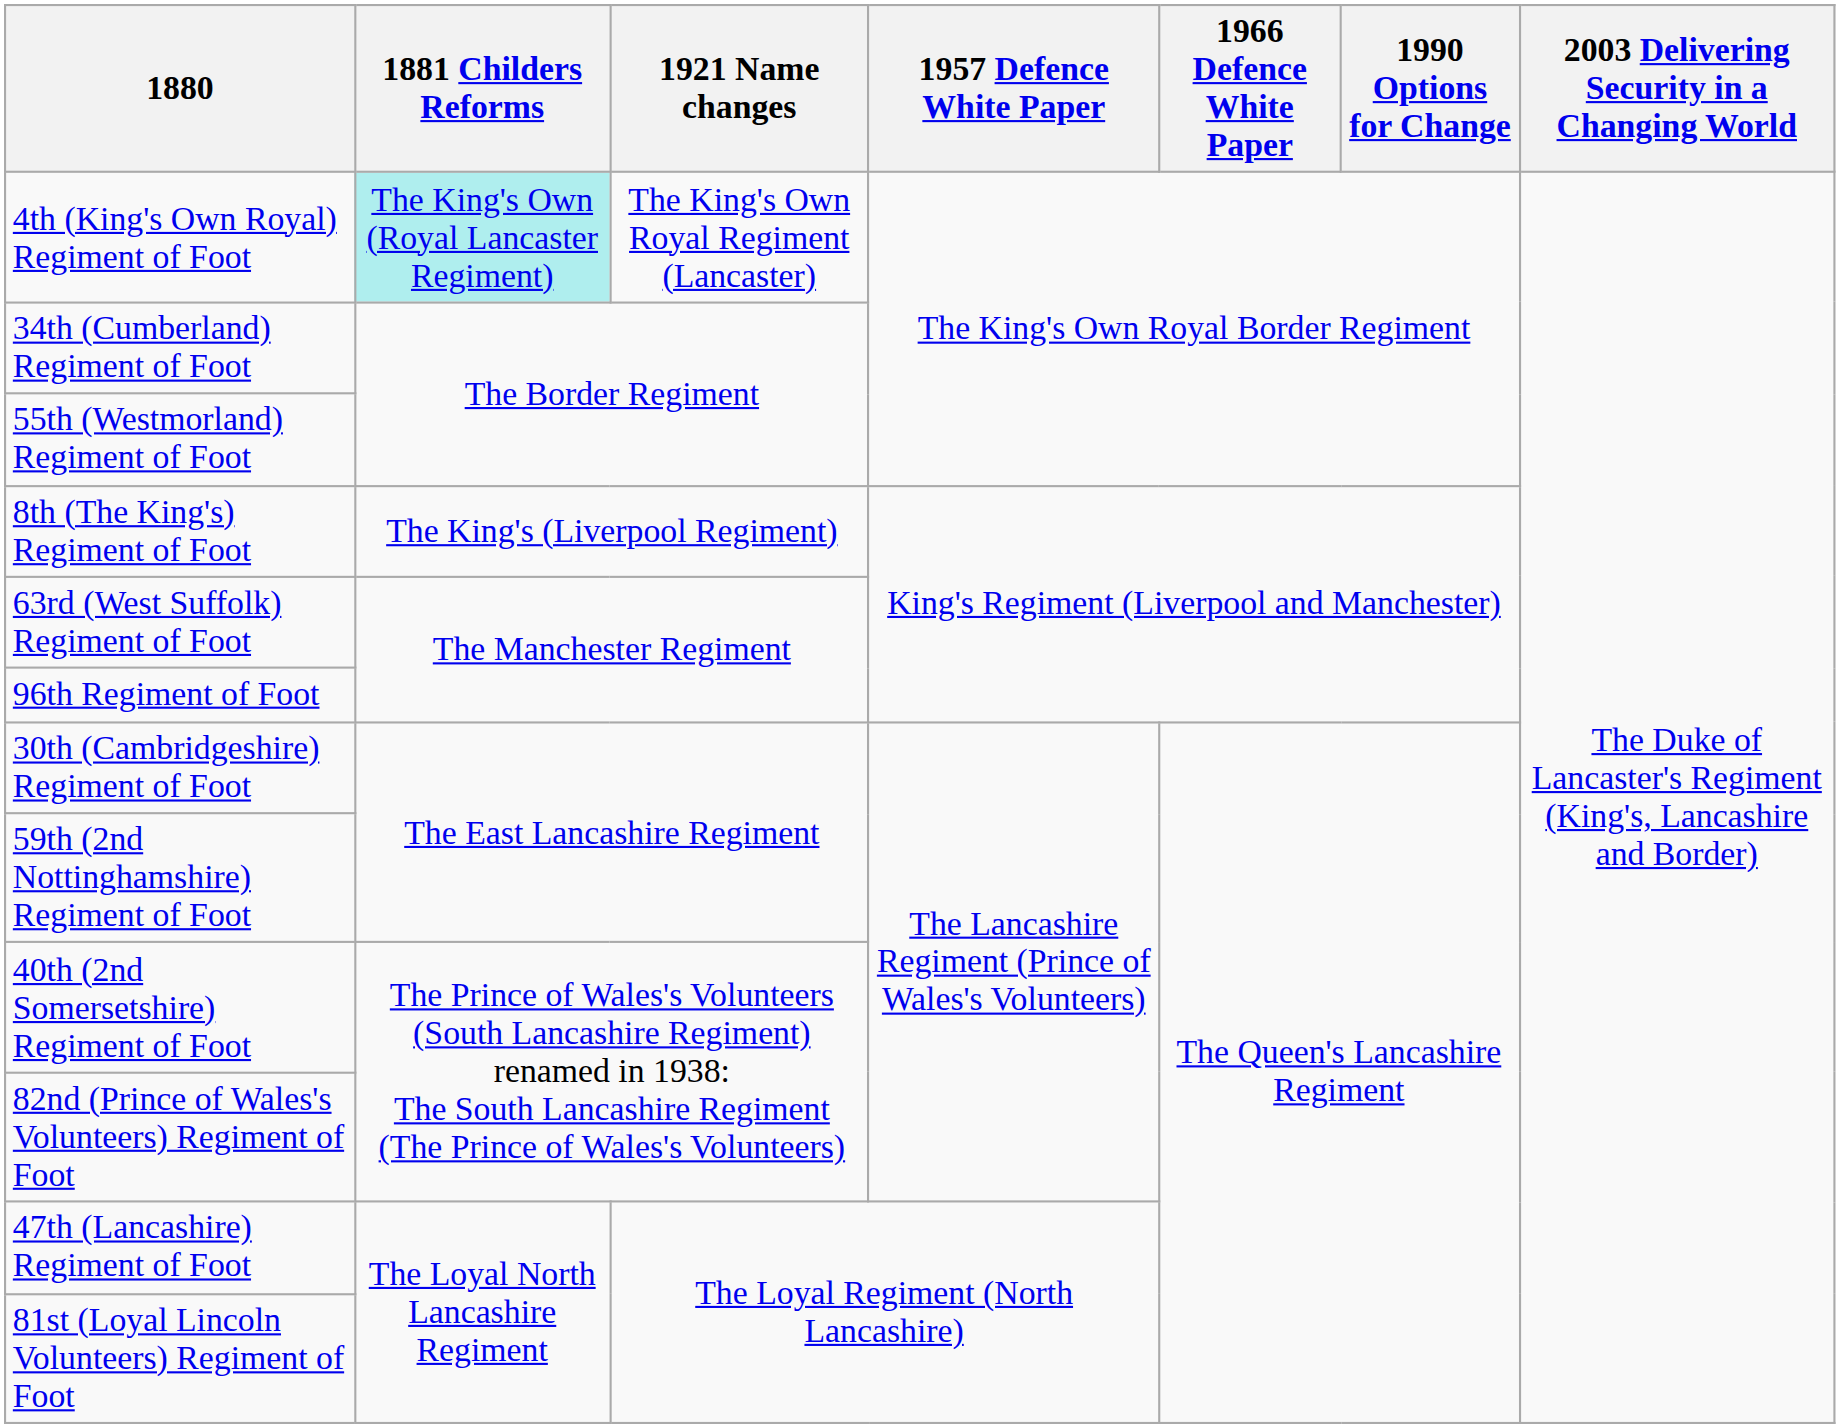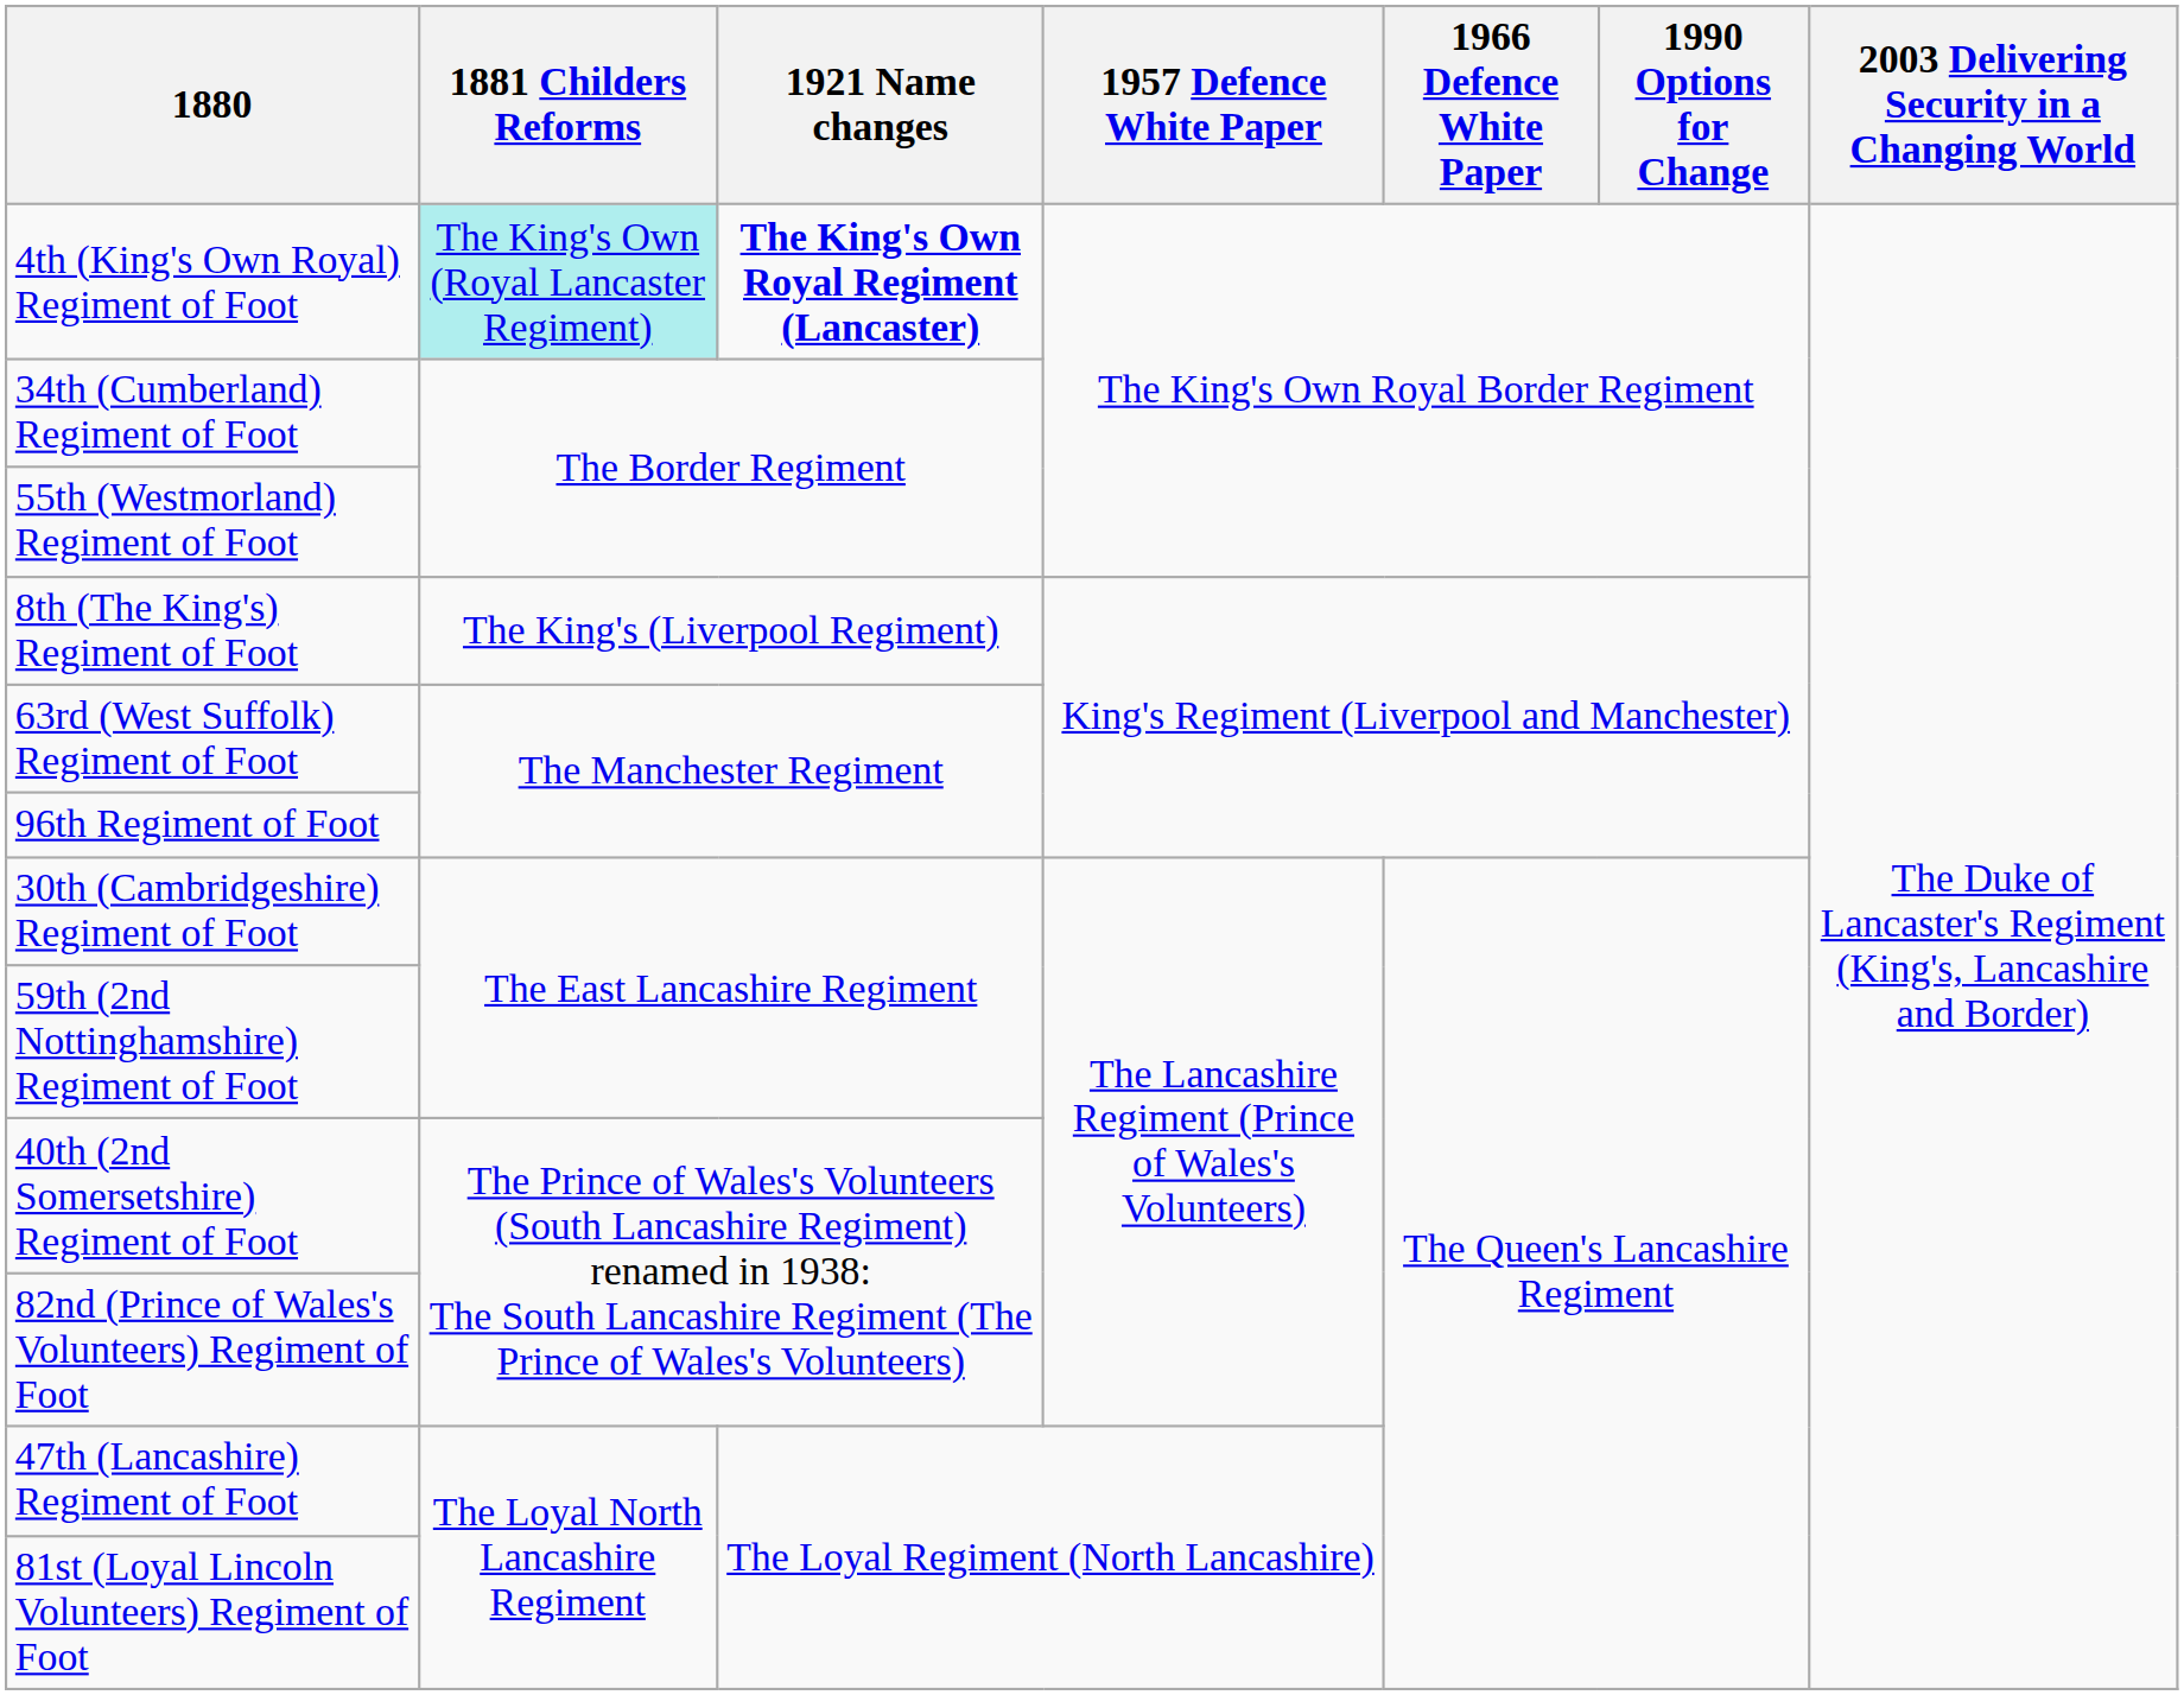 <table class="wikitable">
 <tr>
 <th>1880</th>
 <th>1881 <a href='#'>Childers Reforms</a></th>
 <th>1921 Name changes</th>
 <th>1957 <a href='#'>Defence White Paper</a></th>
 <th>1966 <a href='#'>Defence White Paper</a></th>
 <th>1990 <a href='#'>Options for Change</a></th>
 <th>2003 <a href='#'>Delivering Security in a Changing World</a></th>
 </tr>
 <tr>
 <td><a href='#'>4th (King's Own Royal) Regiment of Foot</a></td>
 <td style="background: paleturquoise; text-align:center;"><a href='#'>The King's Own (Royal Lancaster Regiment)</a></td>
-<td style="text-align:center;"><a href='#'>The King's Own Royal Regiment (Lancaster)</a></td>
+<td style="text-align:center;"><strong><a href='#'>The King's Own Royal Regiment (Lancaster)</a></strong></td>
 <td rowspan="3" colspan="3" style="text-align: center;"><a href='#'>The King's Own Royal Border Regiment</a></td>
 <td rowspan="12" colspan="2" style="text-align: center;"><a href='#'>The Duke of Lancaster's Regiment (King's, Lancashire and Border)</a></td>
 </tr>
 <tr>
 <td><a href='#'>34th (Cumberland) Regiment of Foot</a></td>
 <td rowspan="2" colspan="2" style="text-align: center;"><a href='#'>The Border Regiment</a></td>
 </tr>
 <tr>
 <td><a href='#'>55th (Westmorland) Regiment of Foot</a></td>
 </tr>
 <tr>
 <td><a href='#'>8th (The King's) Regiment of Foot</a></td>
 <td colspan="2" style="text-align:center;"><a href='#'>The King's (Liverpool Regiment)</a></td>
 <td rowspan="3" colspan="3" style="text-align: center;"><a href='#'>King's Regiment (Liverpool and Manchester)</a></td>
 </tr>
 <tr>
 <td><a href='#'>63rd (West Suffolk) Regiment of Foot</a></td>
 <td rowspan="2" colspan="2" style="text-align: center;"><a href='#'>The Manchester Regiment</a></td>
 </tr>
 <tr>
 <td><a href='#'>96th Regiment of Foot</a></td>
 </tr>
 <tr>
 <td><a href='#'>30th (Cambridgeshire) Regiment of Foot</a></td>
 <td rowspan="2" colspan="2" style="text-align: center;"><a href='#'>The East Lancashire Regiment</a></td>
 <td rowspan="4" style="text-align:center;"><a href='#'>The Lancashire Regiment (Prince of Wales's Volunteers)</a></td>
 <td rowspan="6" colspan="2" style="text-align: center;"><a href='#'>The Queen's Lancashire Regiment</a></td>
 </tr>
 <tr>
 <td><a href='#'>59th (2nd Nottinghamshire) Regiment of Foot</a></td>
 </tr>
 <tr>
 <td><a href='#'>40th (2nd Somersetshire) Regiment of Foot</a></td>
 <td rowspan="2" colspan="2" style="text-align: center;"><a href='#'>The Prince of Wales's Volunteers (South Lancashire Regiment)</a><br>renamed in 1938:<br><a href='#'>The South Lancashire Regiment (The Prince of Wales's Volunteers)</a></td>
 </tr>
 <tr>
 <td><a href='#'>82nd (Prince of Wales's Volunteers) Regiment of Foot</a></td>
 </tr>
 <tr>
 <td><a href='#'>47th (Lancashire) Regiment of Foot</a></td>
 <td rowspan="2" style="text-align:center;"><a href='#'>The Loyal North Lancashire Regiment</a></td>
 <td rowspan="2" colspan="2" style="text-align: center;"><a href='#'>The Loyal Regiment (North Lancashire)</a></td>
 </tr>
 <tr>
 <td><a href='#'>81st (Loyal Lincoln Volunteers) Regiment of Foot</a></td>
 </tr>
 </table>
